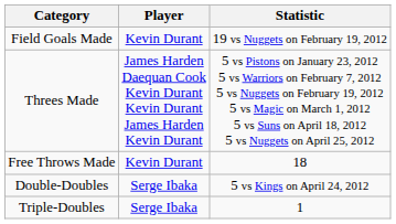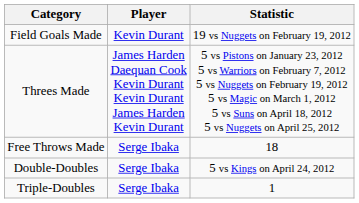 <table class="wikitable sortable sortable" style="text-align: center">
 <tr>
 <th>Category</th>
 <th>Player</th>
 <th>Statistic</th>
 </tr>
 <tr style="text-align: center">
 <td>Field Goals Made</td>
 <td><a href='#'>Kevin Durant</a></td>
 <td>19 <small>vs <a href='#'>Nuggets</a> on February 19, 2012</small></td>
 </tr>
 <tr style="text-align: center">
 <td>Threes Made</td>
 <td><a href='#'>James Harden</a><br><a href='#'>Daequan Cook</a><br><a href='#'>Kevin Durant</a><br><a href='#'>Kevin Durant</a><br><a href='#'>James Harden</a><br><a href='#'>Kevin Durant</a></td>
 <td>5 <small>vs <a href='#'>Pistons</a> on January 23, 2012</small><br>5 <small>vs <a href='#'>Warriors</a> on February 7, 2012</small><br>5 <small>vs <a href='#'>Nuggets</a> on February 19, 2012</small><br>5 <small>vs <a href='#'>Magic</a> on March 1, 2012</small><br>5 <small>vs <a href='#'>Suns</a> on April 18, 2012</small><br>5 <small>vs <a href='#'>Nuggets</a> on April 25, 2012</small></td>
 </tr>
 <tr style="text-align: center">
 <td>Free Throws Made</td>
-<td><a href='#'>Kevin Durant</a></td>
+<td><a href='#'>Serge Ibaka</a></td>
 <td>18</td>
 </tr>
 <tr style="text-align: center">
 <td>Double-Doubles</td>
 <td><a href='#'>Serge Ibaka</a></td>
 <td>5 <small>vs <a href='#'>Kings</a> on April 24, 2012</small></td>
 </tr>
 <tr style="text-align: center">
 <td>Triple-Doubles</td>
 <td><a href='#'>Serge Ibaka</a></td>
 <td>1</td>
 </tr>
 </table>
